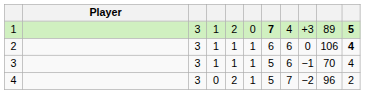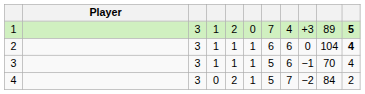 <table class="wikitable" style="text-align:center; margin: 1em auto 1em auto, align:left">
 <tr>
 <th width=20></th>
 <th width=240>Player</th>
 <th width=20></th>
 <th width=20></th>
 <th width=20></th>
 <th width=20></th>
 <th width=20></th>
 <th width=20></th>
 <th width=20></th>
 <th width=30></th>
 <th width=20></th>
 </tr>
 <tr style="background:#D0F0C0;">
 <td>1</td>
 <td align=left></td>
 <td>3</td>
 <td>1</td>
 <td>2</td>
 <td>0</td>
-<td><strong>7</strong></td>
+<td>7</td>
 <td>4</td>
 <td>+3</td>
 <td>89</td>
 <td><strong>5</strong></td>
 </tr>
 <tr style=>
 <td>2</td>
 <td align=left></td>
 <td>3</td>
 <td>1</td>
 <td>1</td>
 <td>1</td>
 <td>6</td>
 <td>6</td>
 <td>0</td>
-<td>106</td>
+<td>104</td>
 <td><strong>4</strong></td>
 </tr>
 <tr style=>
 <td>3</td>
 <td align=left></td>
 <td>3</td>
 <td>1</td>
 <td>1</td>
 <td>1</td>
 <td>5</td>
 <td>6</td>
 <td>−1</td>
 <td>70</td>
 <td>4</td>
 </tr>
 <tr style=>
 <td>4</td>
 <td align=left></td>
 <td>3</td>
 <td>0</td>
 <td>2</td>
 <td>1</td>
 <td>5</td>
 <td>7</td>
 <td>−2</td>
-<td>96</td>
+<td>84</td>
 <td>2</td>
 </tr>
 </table>
